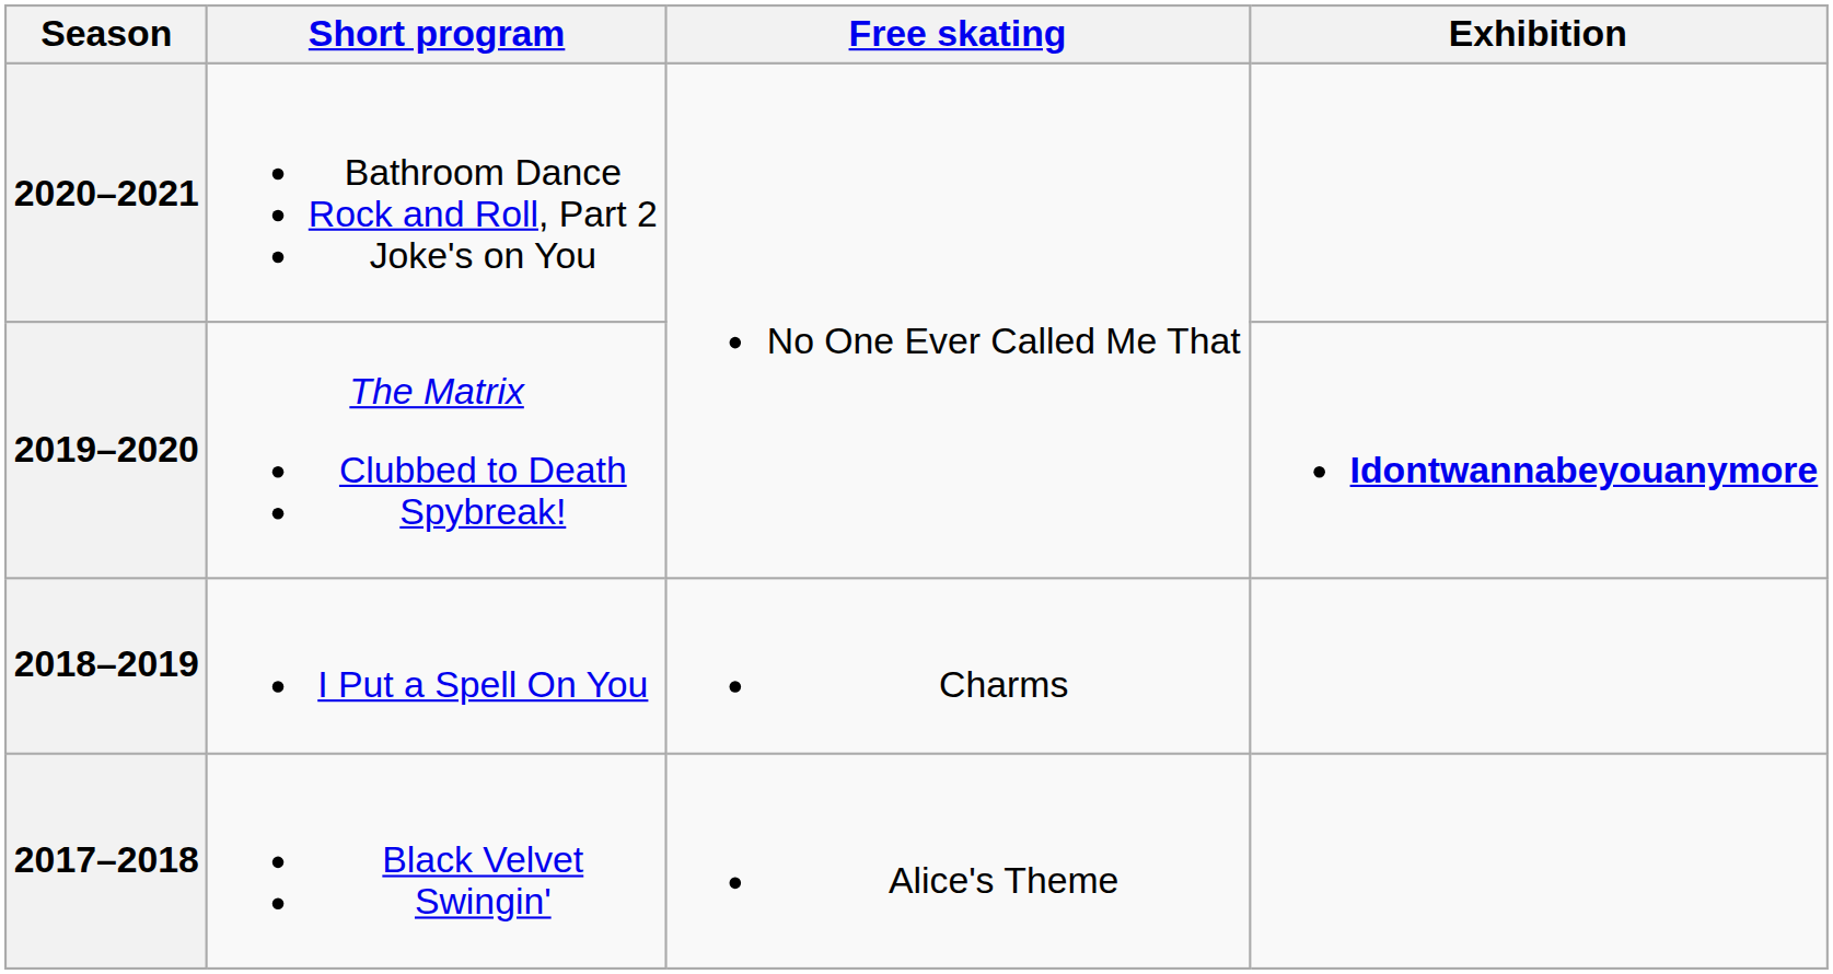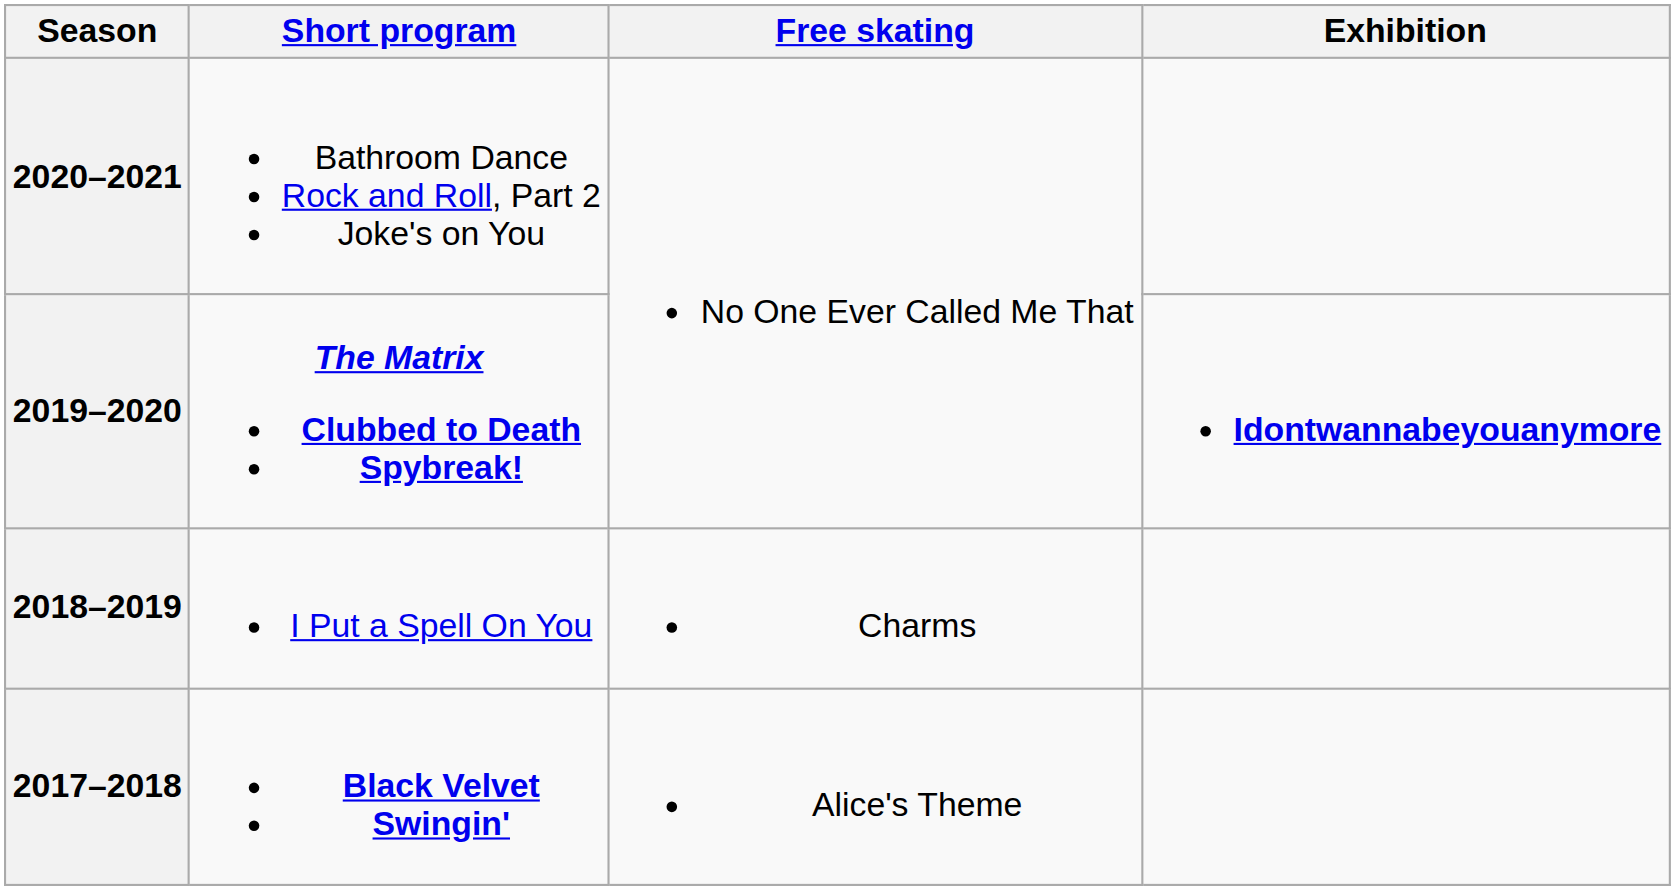 <table class=wikitable style=text-align:center>
 <tr>
 <th>Season</th>
 <th><a href='#'>Short program</a></th>
 <th><a href='#'>Free skating</a></th>
 <th>Exhibition</th>
 </tr>
 <tr>
 <th>2020–2021 <br> </th>
 <td><br><ul><li>Bathroom Dance <br></li><li><a href='#'>Rock and Roll</a>, Part 2 <br></li><li>Joke's on You <br></li></ul></td>
 <td rowspan=2><br><ul><li>No One Ever Called Me That <br> </li></ul></td>
 <td></td>
 </tr>
 <tr>
 <th>2019–2020</th>
-<td><br><em><a href='#'>The Matrix</a></em><ul><li><a href='#'>Clubbed to Death</a> <br> </li><li><a href='#'>Spybreak!</a> <br> </li></ul></td>
+<td><strong><br><em><a href='#'>The Matrix</a></em><ul><li><a href='#'>Clubbed to Death</a> <br> </li><li><a href='#'>Spybreak!</a> <br> </li></ul></strong></td>
 <td><strong><br><ul><li><a href='#'>Idontwannabeyouanymore</a> <br> </li></ul></strong></td>
 </tr>
 <tr>
 <th>2018–2019 <br> </th>
 <td><br><ul><li><a href='#'>I Put a Spell On You</a> <br> </li></ul></td>
 <td><br><ul><li>Charms <br> </li></ul></td>
 <td></td>
 </tr>
 <tr>
 <th>2017–2018 <br> </th>
-<td><br><ul><li><a href='#'>Black Velvet</a>  <br></li><li><a href='#'>Swingin'</a> <br></li></ul></td>
+<td><strong><br><ul><li><a href='#'>Black Velvet</a>  <br></li><li><a href='#'>Swingin'</a> <br></li></ul></strong></td>
 <td><br><ul><li>Alice's Theme <br> </li></ul></td>
 <td></td>
 </tr>
 </table>
